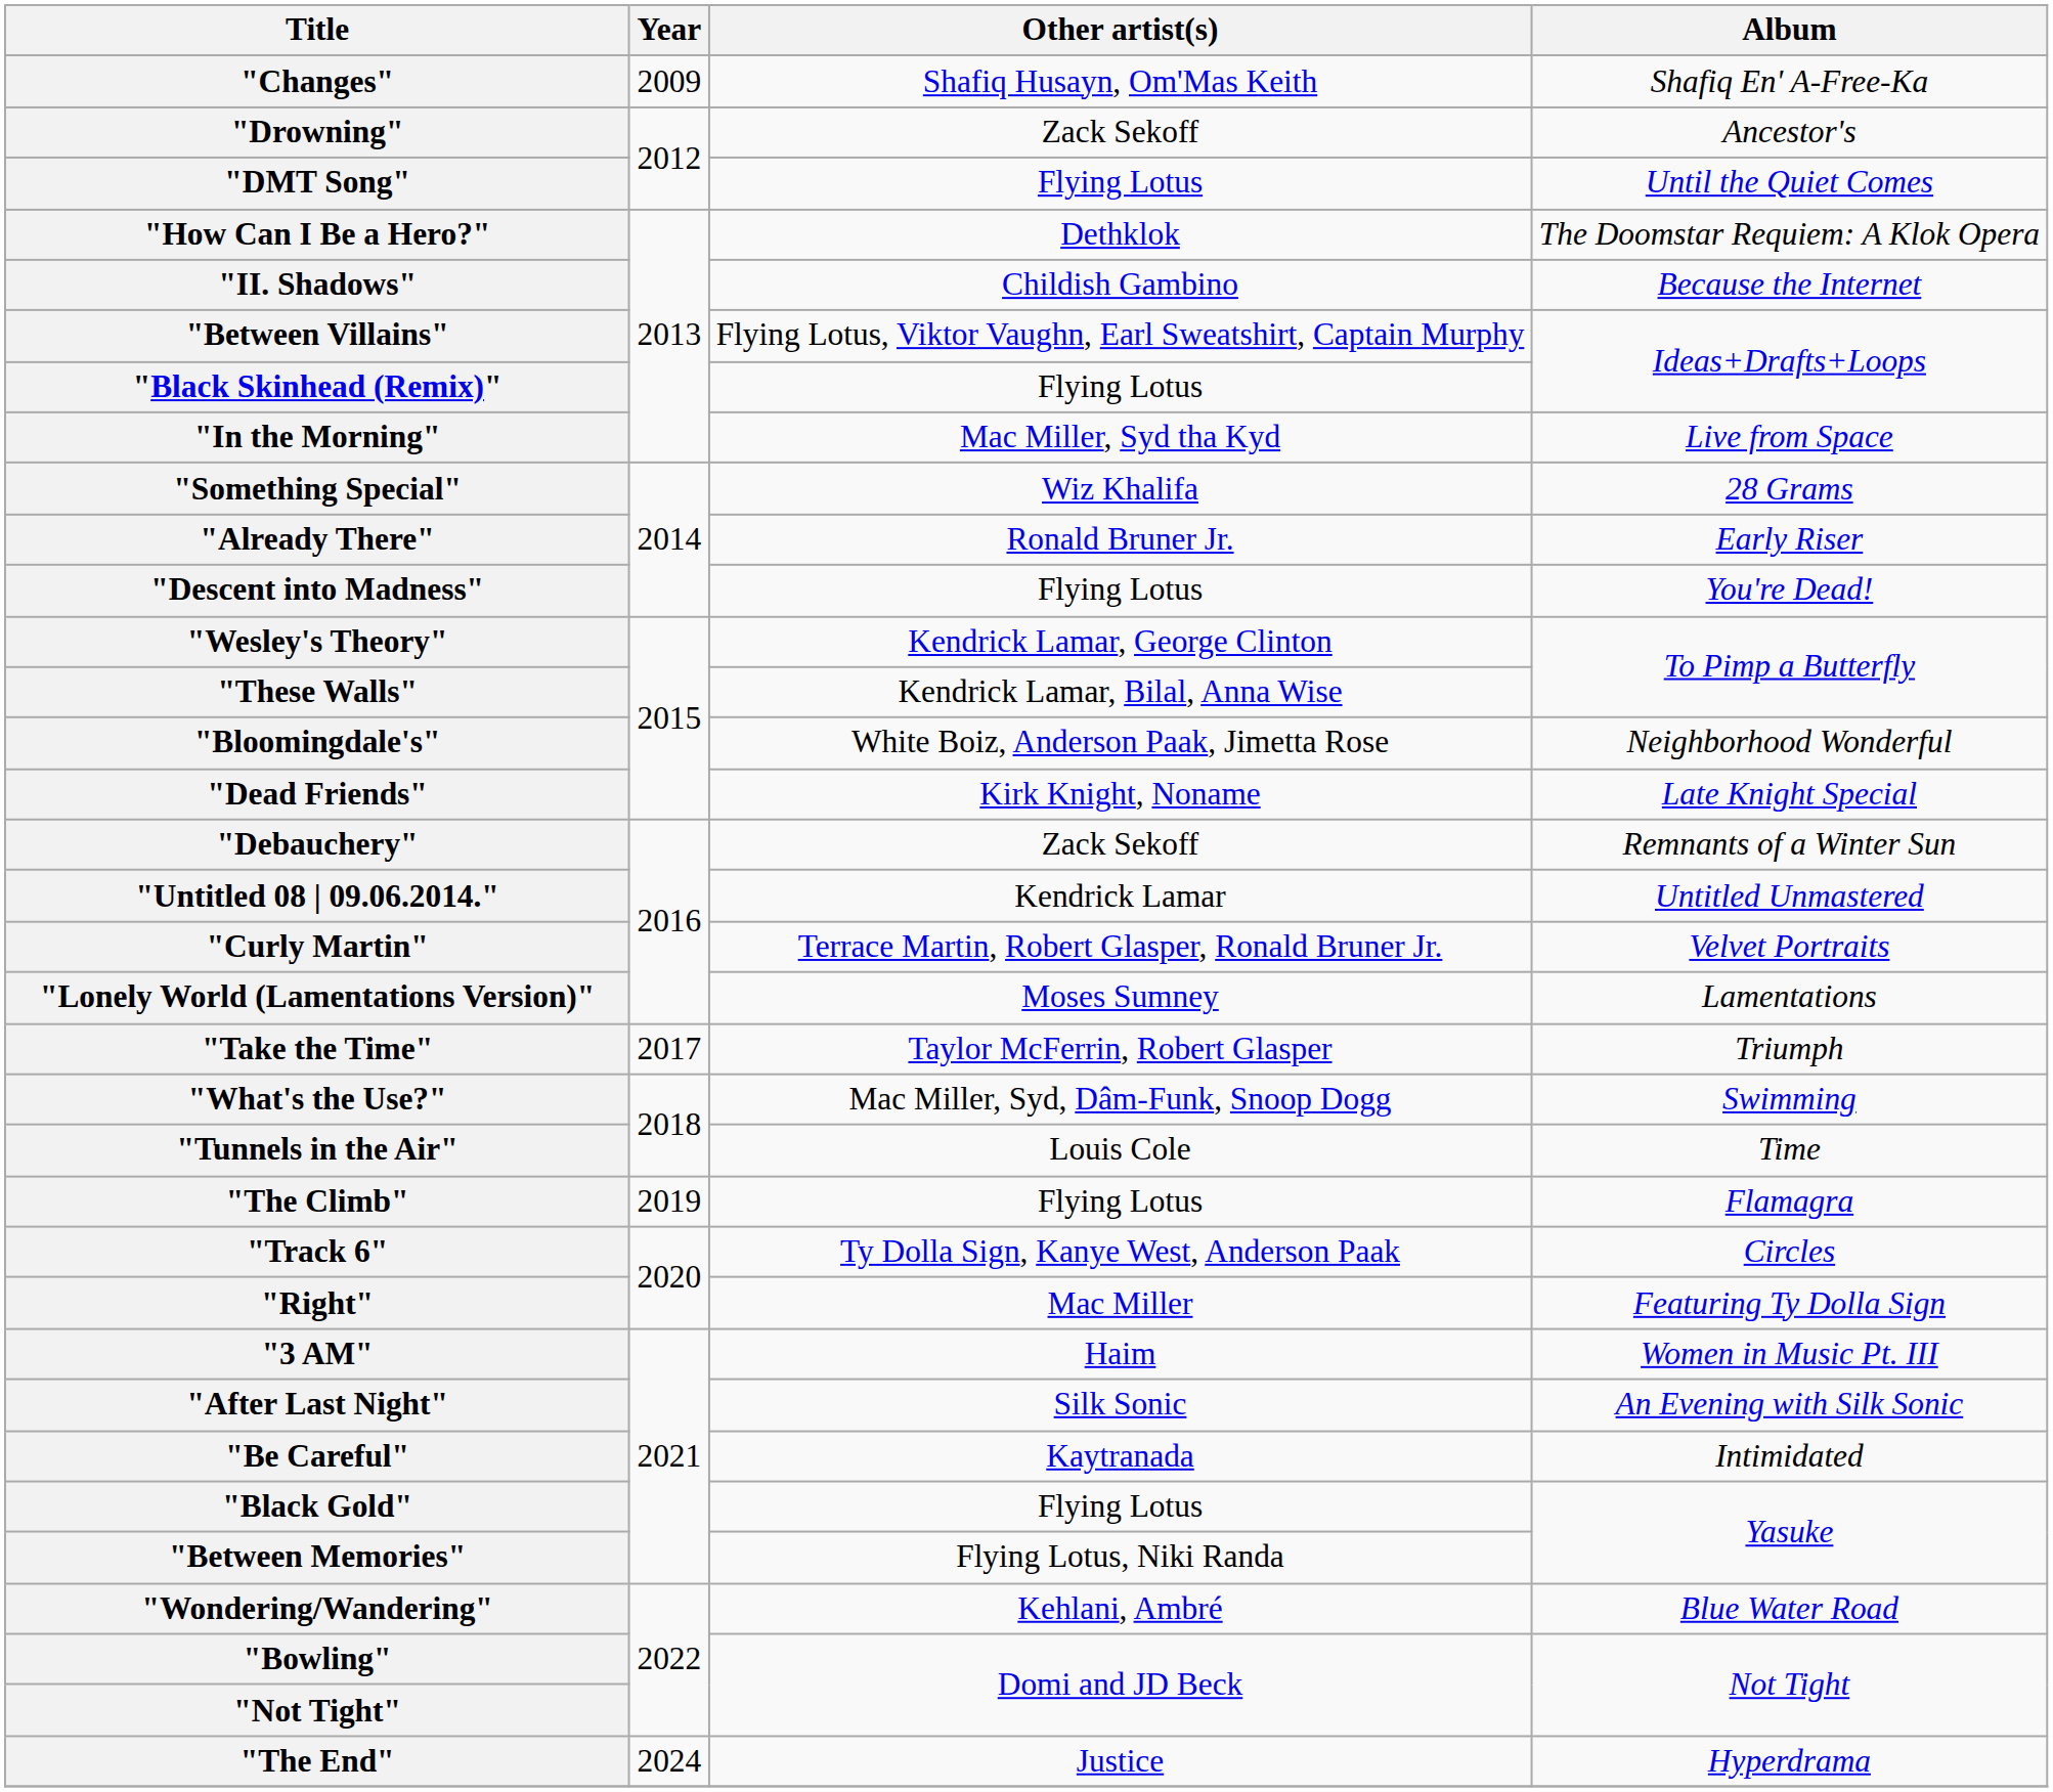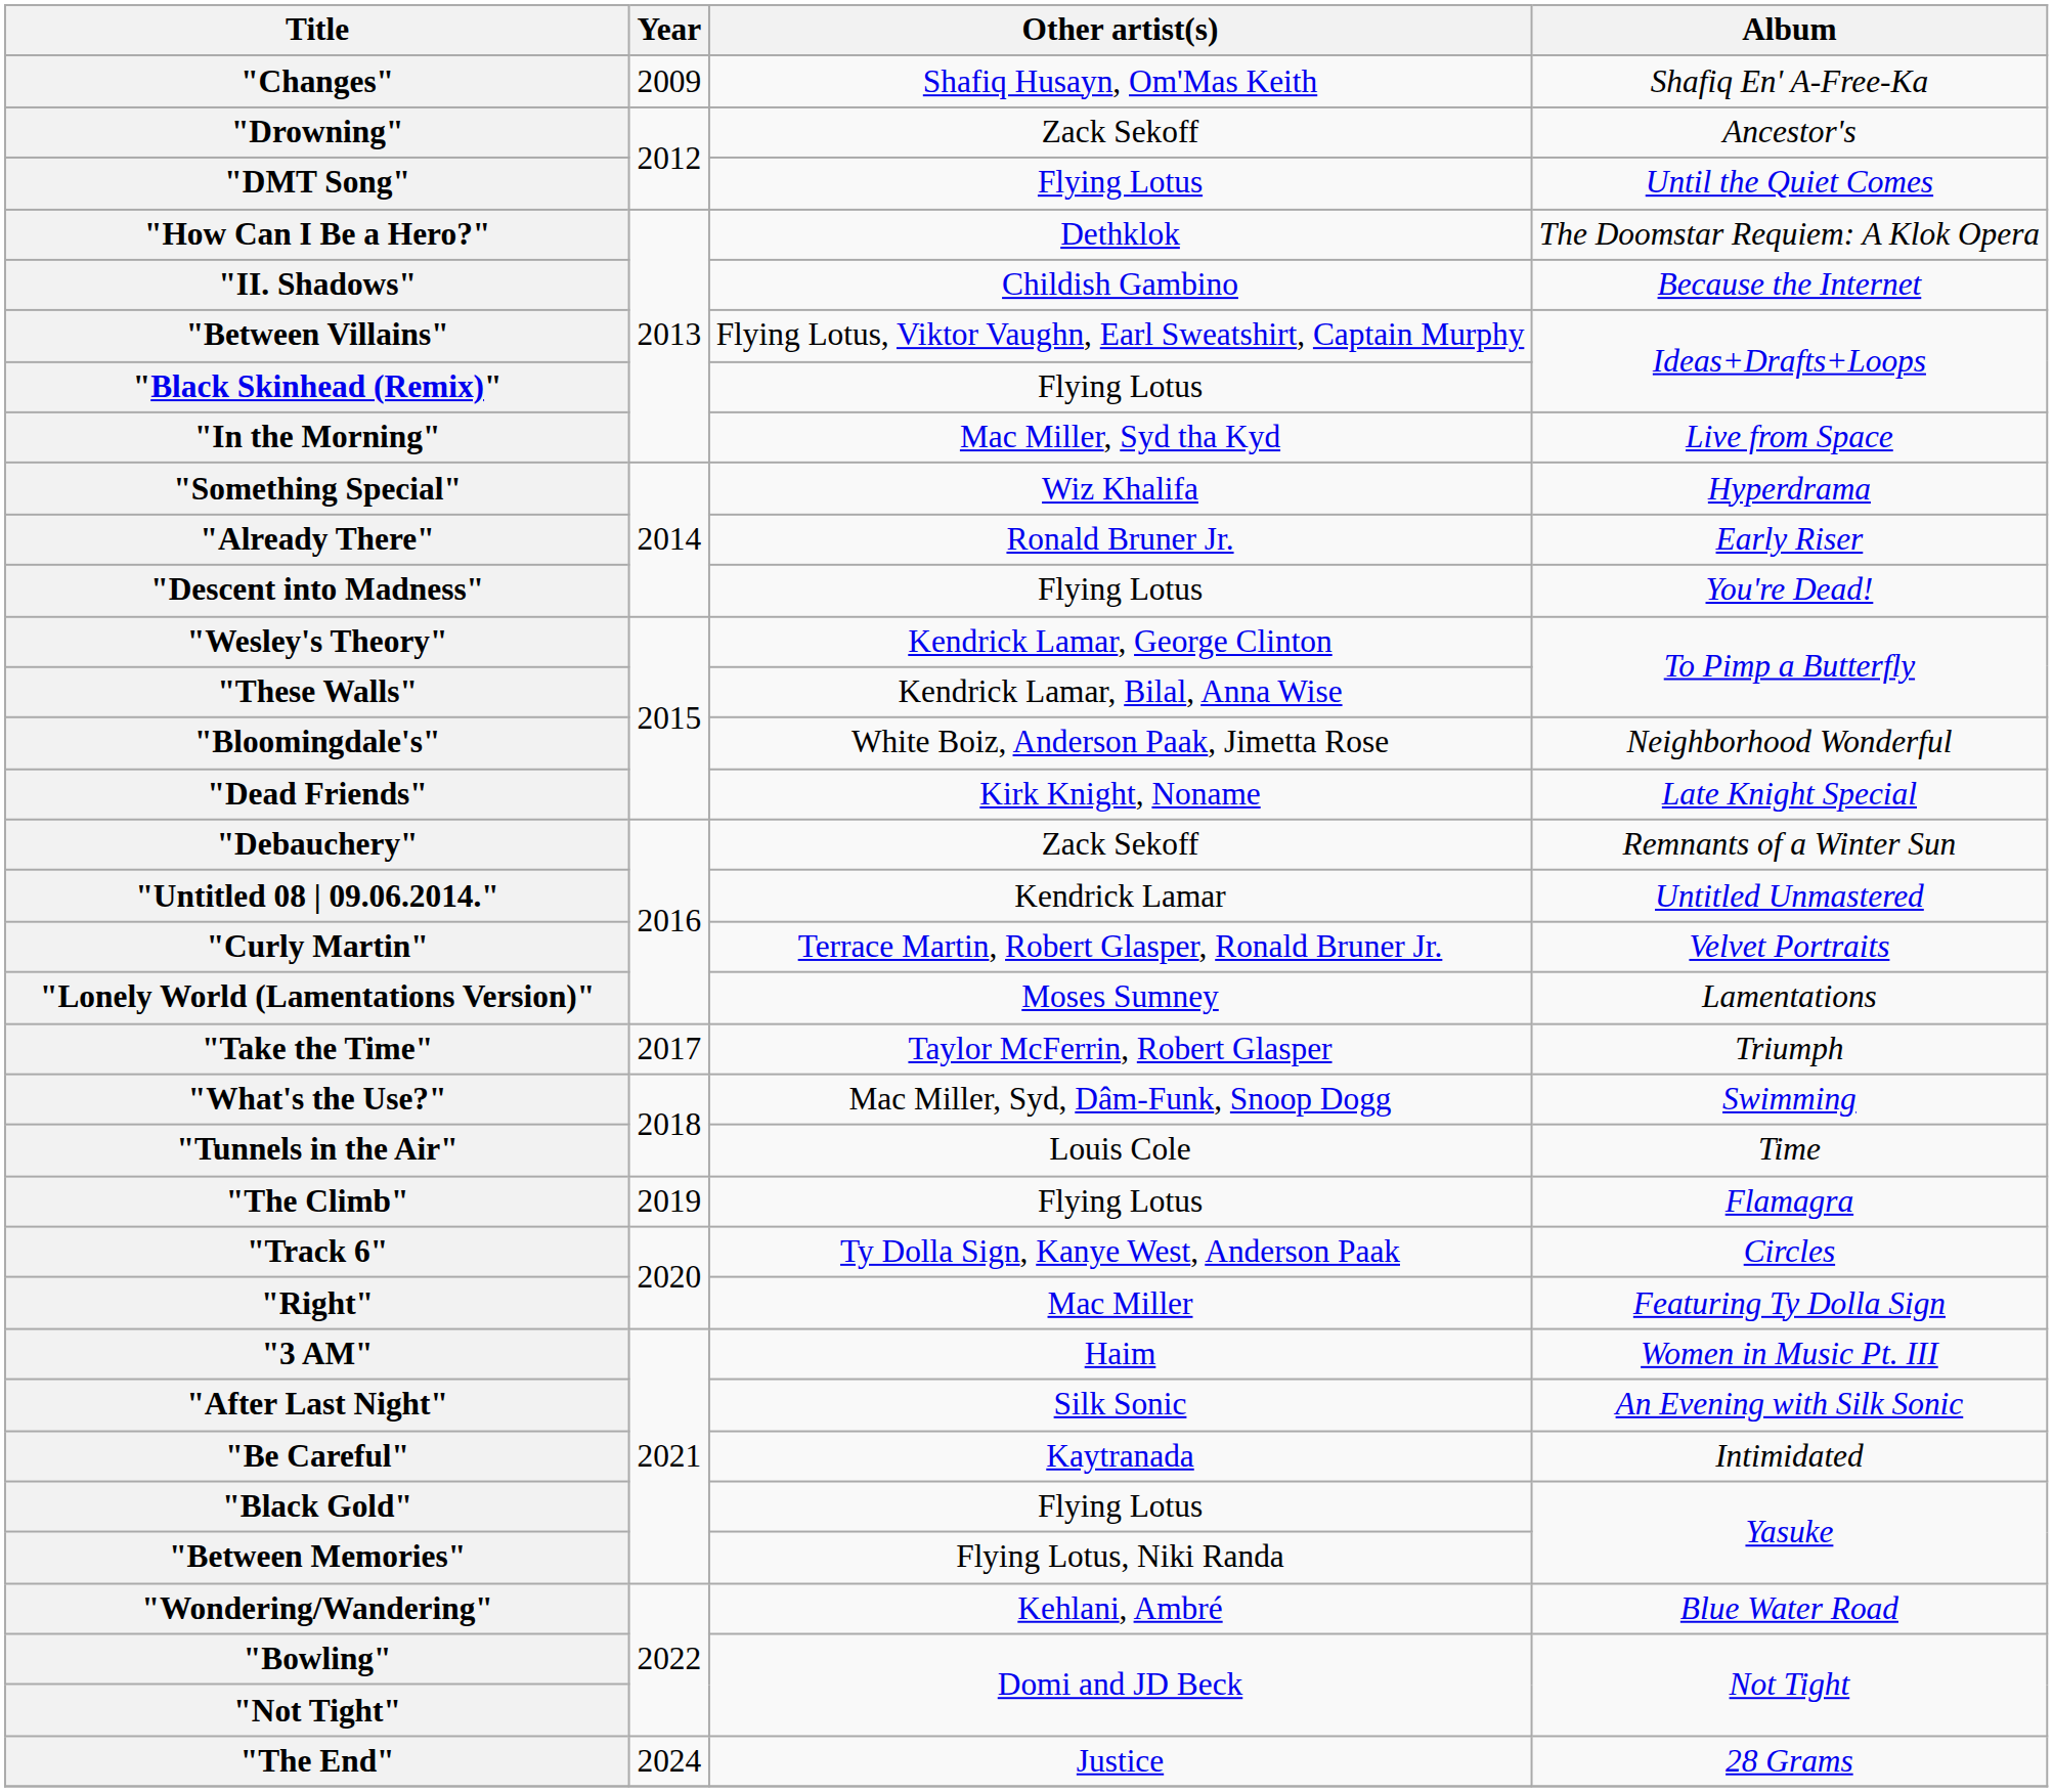 <table class="wikitable plainrowheaders" style="text-align:center;">
 <tr>
 <th scope="col" style="width:19em;">Title</th>
 <th scope="col">Year</th>
 <th scope="col">Other artist(s)</th>
 <th scope="col">Album</th>
 </tr>
 <tr>
 <th scope="row">"Changes"</th>
 <td>2009</td>
 <td><a href='#'>Shafiq Husayn</a>, <a href='#'>Om'Mas Keith</a></td>
 <td><em>Shafiq En' A-Free-Ka</em></td>
 </tr>
 <tr>
 <th scope="row">"Drowning"</th>
 <td rowspan="2">2012</td>
 <td>Zack Sekoff</td>
 <td><em>Ancestor's</em></td>
 </tr>
 <tr>
 <th scope="row">"DMT Song"</th>
 <td><a href='#'>Flying Lotus</a></td>
 <td><em><a href='#'>Until the Quiet Comes</a></em></td>
 </tr>
 <tr>
 <th scope="row">"How Can I Be a Hero?"</th>
 <td rowspan="5">2013</td>
 <td><a href='#'>Dethklok</a></td>
 <td><em>The Doomstar Requiem: A Klok Opera</em></td>
 </tr>
 <tr>
 <th scope="row">"II. Shadows"</th>
 <td><a href='#'>Childish Gambino</a></td>
 <td><em><a href='#'>Because the Internet</a></em></td>
 </tr>
 <tr>
 <th scope="row">"Between Villains"</th>
 <td>Flying Lotus, <a href='#'>Viktor Vaughn</a>, <a href='#'>Earl Sweatshirt</a>, <a href='#'>Captain Murphy</a></td>
 <td rowspan="2"><em><a href='#'>Ideas+Drafts+Loops</a></em></td>
 </tr>
 <tr>
 <th scope="row">"<a href='#'>Black Skinhead (Remix)</a>"</th>
 <td>Flying Lotus</td>
 </tr>
 <tr>
 <th scope="row">"In the Morning"</th>
 <td><a href='#'>Mac Miller</a>, <a href='#'>Syd tha Kyd</a></td>
 <td><em><a href='#'>Live from Space</a></em></td>
 </tr>
 <tr>
 <th scope="row">"Something Special"</th>
 <td rowspan="3">2014</td>
 <td><a href='#'>Wiz Khalifa</a></td>
-<td><em><a href='#'>28 Grams</a></em></td>
+<td><em><a href='#'>Hyperdrama</a></em></td>
 </tr>
 <tr>
 <th scope="row">"Already There"</th>
 <td><a href='#'>Ronald Bruner Jr.</a></td>
 <td><em><a href='#'>Early Riser</a></em></td>
 </tr>
 <tr>
 <th scope="row">"Descent into Madness"</th>
 <td>Flying Lotus</td>
 <td><em><a href='#'>You're Dead!</a></em></td>
 </tr>
 <tr>
 <th scope="row">"Wesley's Theory"</th>
 <td rowspan="4">2015</td>
 <td><a href='#'>Kendrick Lamar</a>, <a href='#'>George Clinton</a></td>
 <td rowspan="2"><em><a href='#'>To Pimp a Butterfly</a></em></td>
 </tr>
 <tr>
 <th scope="row">"These Walls"</th>
 <td>Kendrick Lamar, <a href='#'>Bilal</a>, <a href='#'>Anna Wise</a></td>
 </tr>
 <tr>
 <th scope="row">"Bloomingdale's"</th>
 <td>White Boiz, <a href='#'>Anderson Paak</a>, Jimetta Rose</td>
 <td><em>Neighborhood Wonderful</em></td>
 </tr>
 <tr>
 <th scope="row">"Dead Friends"</th>
 <td><a href='#'>Kirk Knight</a>, <a href='#'>Noname</a></td>
 <td><em><a href='#'>Late Knight Special</a></em></td>
 </tr>
 <tr>
 <th scope="row">"Debauchery"</th>
 <td rowspan="4">2016</td>
 <td>Zack Sekoff</td>
 <td><em>Remnants of a Winter Sun</em></td>
 </tr>
 <tr>
 <th scope="row">"Untitled 08 | 09.06.2014."</th>
 <td>Kendrick Lamar</td>
 <td><em><a href='#'>Untitled Unmastered</a></em></td>
 </tr>
 <tr>
 <th scope="row">"Curly Martin"</th>
 <td><a href='#'>Terrace Martin</a>, <a href='#'>Robert Glasper</a>, <a href='#'>Ronald Bruner Jr.</a></td>
 <td><em><a href='#'>Velvet Portraits</a></em></td>
 </tr>
 <tr>
 <th scope="row">"Lonely World (Lamentations Version)"</th>
 <td><a href='#'>Moses Sumney</a></td>
 <td><em>Lamentations</em></td>
 </tr>
 <tr>
 <th scope="row">"Take the Time"</th>
 <td>2017</td>
 <td><a href='#'>Taylor McFerrin</a>, <a href='#'>Robert Glasper</a></td>
 <td><em>Triumph</em></td>
 </tr>
 <tr>
 <th scope="row">"What's the Use?"</th>
 <td rowspan="2">2018</td>
 <td>Mac Miller, Syd, <a href='#'>Dâm-Funk</a>, <a href='#'>Snoop Dogg</a></td>
 <td><em><a href='#'>Swimming</a></em></td>
 </tr>
 <tr>
 <th scope="row">"Tunnels in the Air"</th>
 <td>Louis Cole</td>
 <td><em>Time</em></td>
 </tr>
 <tr>
 <th scope="row">"The Climb"</th>
 <td>2019</td>
 <td>Flying Lotus</td>
 <td><em><a href='#'>Flamagra</a></em></td>
 </tr>
 <tr>
 <th scope="row">"Track 6"</th>
 <td rowspan="2">2020</td>
 <td><a href='#'>Ty Dolla Sign</a>, <a href='#'>Kanye West</a>, <a href='#'>Anderson Paak</a></td>
 <td><em><a href='#'>Circles</a></em></td>
 </tr>
 <tr>
 <th scope="row">"Right"</th>
 <td><a href='#'>Mac Miller</a></td>
 <td><em><a href='#'>Featuring Ty Dolla Sign</a></em></td>
 </tr>
 <tr>
 <th scope="row">"3 AM"</th>
 <td rowspan="5">2021</td>
 <td><a href='#'>Haim</a></td>
 <td><em><a href='#'>Women in Music Pt. III</a></em> </td>
 </tr>
 <tr>
 <th scope="row">"After Last Night"</th>
 <td><a href='#'>Silk Sonic</a></td>
 <td><em><a href='#'>An Evening with Silk Sonic</a></em></td>
 </tr>
 <tr>
 <th scope="row">"Be Careful"</th>
 <td><a href='#'>Kaytranada</a></td>
 <td><em>Intimidated</em></td>
 </tr>
 <tr>
 <th scope="row">"Black Gold"</th>
 <td>Flying Lotus</td>
 <td rowspan="2"><em><a href='#'>Yasuke</a></em></td>
 </tr>
 <tr>
 <th scope="row">"Between Memories"</th>
 <td>Flying Lotus, Niki Randa</td>
 </tr>
 <tr>
 <th scope="row">"Wondering/Wandering"</th>
 <td rowspan="3">2022</td>
 <td><a href='#'>Kehlani</a>, <a href='#'>Ambré</a></td>
 <td><em><a href='#'>Blue Water Road</a></em></td>
 </tr>
 <tr>
 <th scope="row">"Bowling"</th>
 <td rowspan="2"><a href='#'>Domi and JD Beck</a></td>
 <td rowspan="2"><em><a href='#'>Not Tight</a></em></td>
 </tr>
 <tr>
 <th scope="row">"Not Tight"</th>
 </tr>
 <tr>
 <th scope="row">"The End"</th>
 <td>2024</td>
 <td><a href='#'>Justice</a></td>
-<td><em><a href='#'>Hyperdrama</a></em></td>
+<td><em><a href='#'>28 Grams</a></em></td>
 </tr>
 <tr>
 </tr>
 </table>
